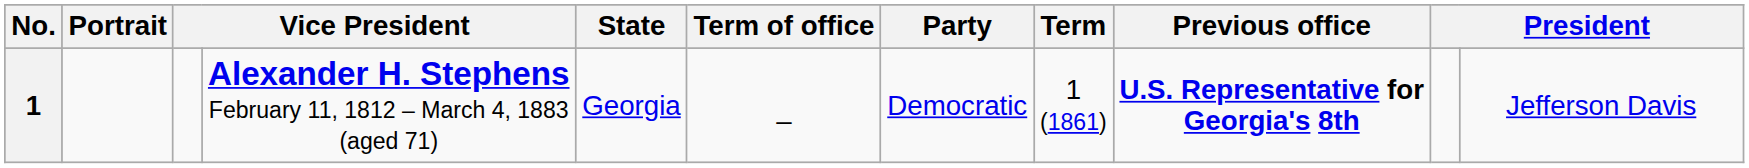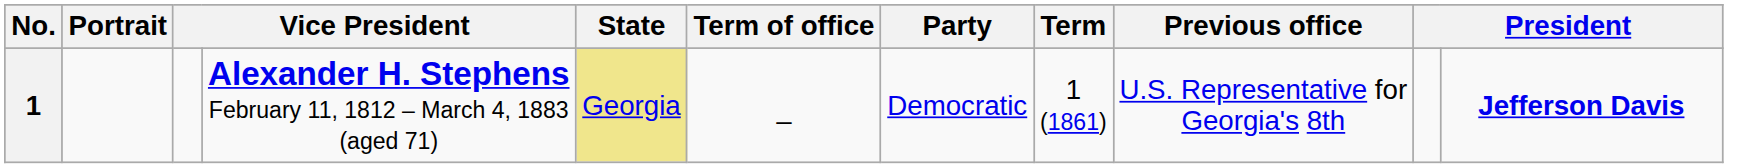 <table class="wikitable" style="text-align: center;">
 <tr>
 <th>No.</th>
 <th>Portrait</th>
 <th colspan="2">Vice President</th>
 <th>State</th>
 <th>Term of office</th>
 <th>Party</th>
 <th>Term</th>
 <th>Previous office</th>
 <th colspan="2" style="width: 18%;"><a href='#'>President</a></th>
 </tr>
 <tr>
 <th>1</th>
 <td></td>
 <td style="background:">  </td>
 <td><strong><big><a href='#'>Alexander H. Stephens</a></big></strong><br><small>February 11, 1812 – March 4, 1883<br>(aged 71)</small></td>
-<td><a href='#'>Georgia</a></td>
+<td style="background: khaki;"><a href='#'>Georgia</a></td>
 <td> <br>–<br></td>
 <td><a href='#'>Democratic</a></td>
 <td>1<br><small>(<a href='#'>1861</a>)</small></td>
-<td><strong><a href='#'>U.S. Representative</a> for<br> <a href='#'>Georgia's</a> <a href='#'>8th</a></strong></td>
+<td><a href='#'>U.S. Representative</a> for<br> <a href='#'>Georgia's</a> <a href='#'>8th</a></td>
 <td style="background:"> </td>
-<td><a href='#'>Jefferson Davis</a></td>
+<td><strong><a href='#'>Jefferson Davis</a></strong></td>
 </tr>
 </table>
